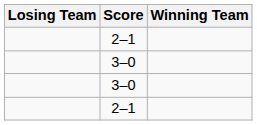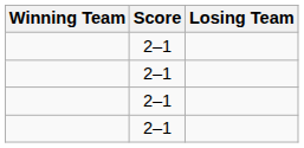 <table class=wikitable style="border:1px solid #AAAAAA;">
 <tr>
+<th>Winning Team</th>
+<th>Score</th>
 <th>Losing Team</th>
-<th>Score</th>
-<th>Winning Team</th>
 </tr>
 <tr>
+<td><strong></strong></td>
+<td align="center">2–1</td>
 <td></td>
-<td align="center">2–1</td>
-<td><strong></strong></td>
 </tr>
 <tr>
+<td><strong></strong></td>
+<td align="center">2–1</td>
 <td></td>
-<td align="center">3–0</td>
-<td><strong></strong></td>
 </tr>
 <tr>
+<td><strong></strong></td>
+<td align="center">2–1</td>
 <td></td>
-<td align="center">3–0</td>
-<td><strong></strong></td>
 </tr>
 <tr>
+<td><strong></strong></td>
+<td align="center">2–1</td>
 <td></td>
-<td align="center">2–1</td>
-<td><strong></strong></td>
 </tr>
 </table>
